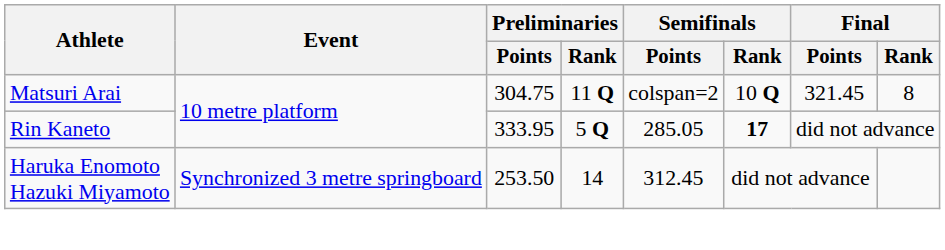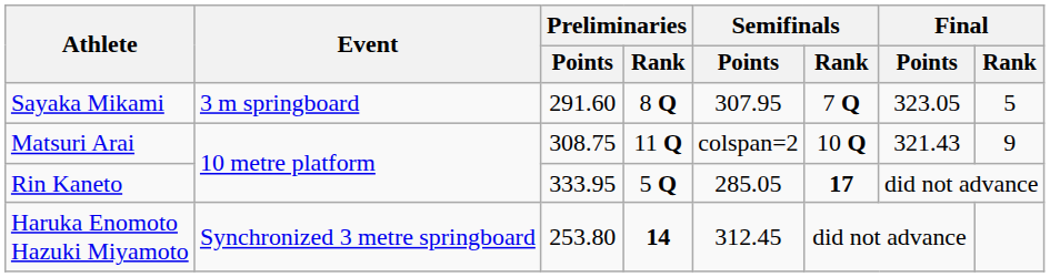 <table class=wikitable style="font-size:90%;">
 <tr>
 <th rowspan="2">Athlete</th>
 <th rowspan="2">Event</th>
 <th colspan="2">Preliminaries</th>
 <th colspan="2">Semifinals</th>
 <th colspan="2">Final</th>
 </tr>
 <tr style="font-size:95%">
 <th>Points</th>
 <th>Rank</th>
 <th>Points</th>
 <th>Rank</th>
 <th>Points</th>
 <th>Rank</th>
 </tr>
 <tr align=center>
+<td align=left><a href='#'>Sayaka Mikami</a></td>
+<td align=left><a href='#'>3 m springboard</a></td>
+<td>291.60</td>
+<td>8 <strong>Q</strong></td>
+<td>307.95</td>
+<td>7 <strong>Q</strong></td>
+<td>323.05</td>
+<td>5</td>
+</tr>
+<tr align=center>
 <td align=left><a href='#'>Matsuri Arai</a></td>
 <td align=left rowspan=2><a href='#'>10 metre platform</a></td>
-<td>304.75</td>
+<td>308.75</td>
 <td>11 <strong>Q</strong></td>
 <td>colspan=2 </td>
 <td>10 <strong>Q</strong></td>
-<td>321.45</td>
-<td>8</td>
+<td>321.43</td>
+<td>9</td>
 </tr>
 <tr align=center>
 <td align=left><a href='#'>Rin Kaneto</a></td>
 <td>333.95</td>
 <td>5 <strong>Q</strong></td>
 <td>285.05</td>
 <td><strong>17</strong></td>
 <td colspan=2>did not advance</td>
 </tr>
 <tr align=center>
 <td align=left><a href='#'>Haruka Enomoto</a><br><a href='#'>Hazuki Miyamoto</a></td>
 <td align=left><a href='#'>Synchronized 3 metre springboard</a></td>
-<td>253.50</td>
-<td>14</td>
+<td>253.80</td>
+<td><strong>14</strong></td>
 <td>312.45</td>
 <td colspan=2>did not advance</td>
 </tr>
 </table>
